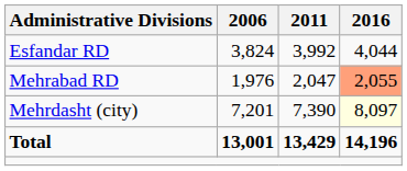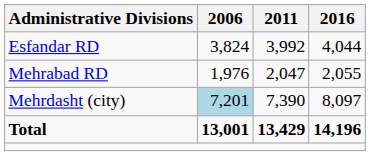 <table class="wikitable">
 <tr>
 <th>Administrative Divisions</th>
 <th>2006</th>
 <th>2011</th>
 <th>2016</th>
 </tr>
 <tr>
 <td><a href='#'>Esfandar RD</a></td>
 <td style="text-align: right;">3,824</td>
 <td style="text-align: right;">3,992</td>
 <td style="text-align: right;">4,044</td>
 </tr>
 <tr>
 <td><a href='#'>Mehrabad RD</a></td>
 <td style="text-align: right;">1,976</td>
 <td style="text-align: right;">2,047</td>
-<td style="background: lightsalmon; text-align: right;">2,055</td>
+<td style="text-align: right;">2,055</td>
 </tr>
 <tr>
 <td><a href='#'>Mehrdasht</a> (city)</td>
-<td style="text-align: right;">7,201</td>
+<td style="background: lightblue; text-align: right;">7,201</td>
 <td style="text-align: right;">7,390</td>
-<td style="background: lightyellow; text-align: right;">8,097</td>
+<td style="text-align: right;">8,097</td>
 </tr>
 <tr>
 <td><strong>Total</strong></td>
 <td style="text-align: right;"><strong>13,001</strong></td>
 <td style="text-align: right;"><strong>13,429</strong></td>
 <td style="text-align: right;"><strong>14,196</strong></td>
 </tr>
 <tr>
 <td colspan=4></td>
 </tr>
 </table>
